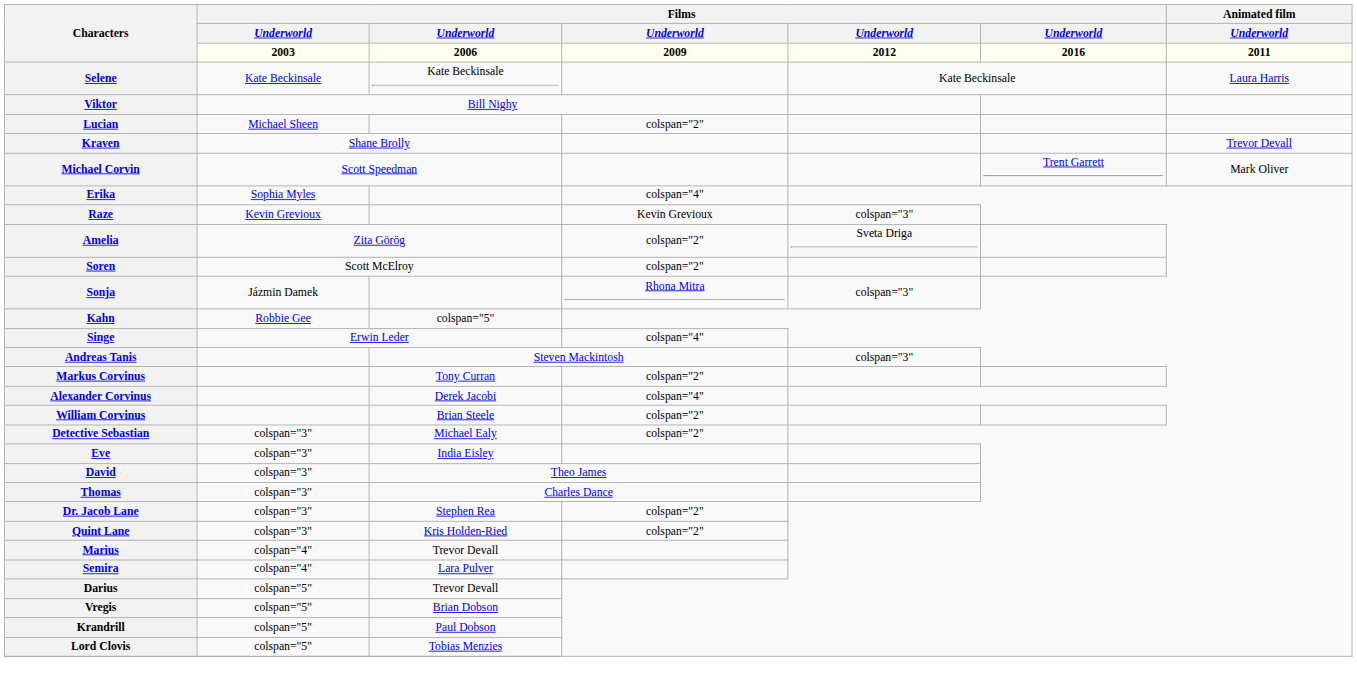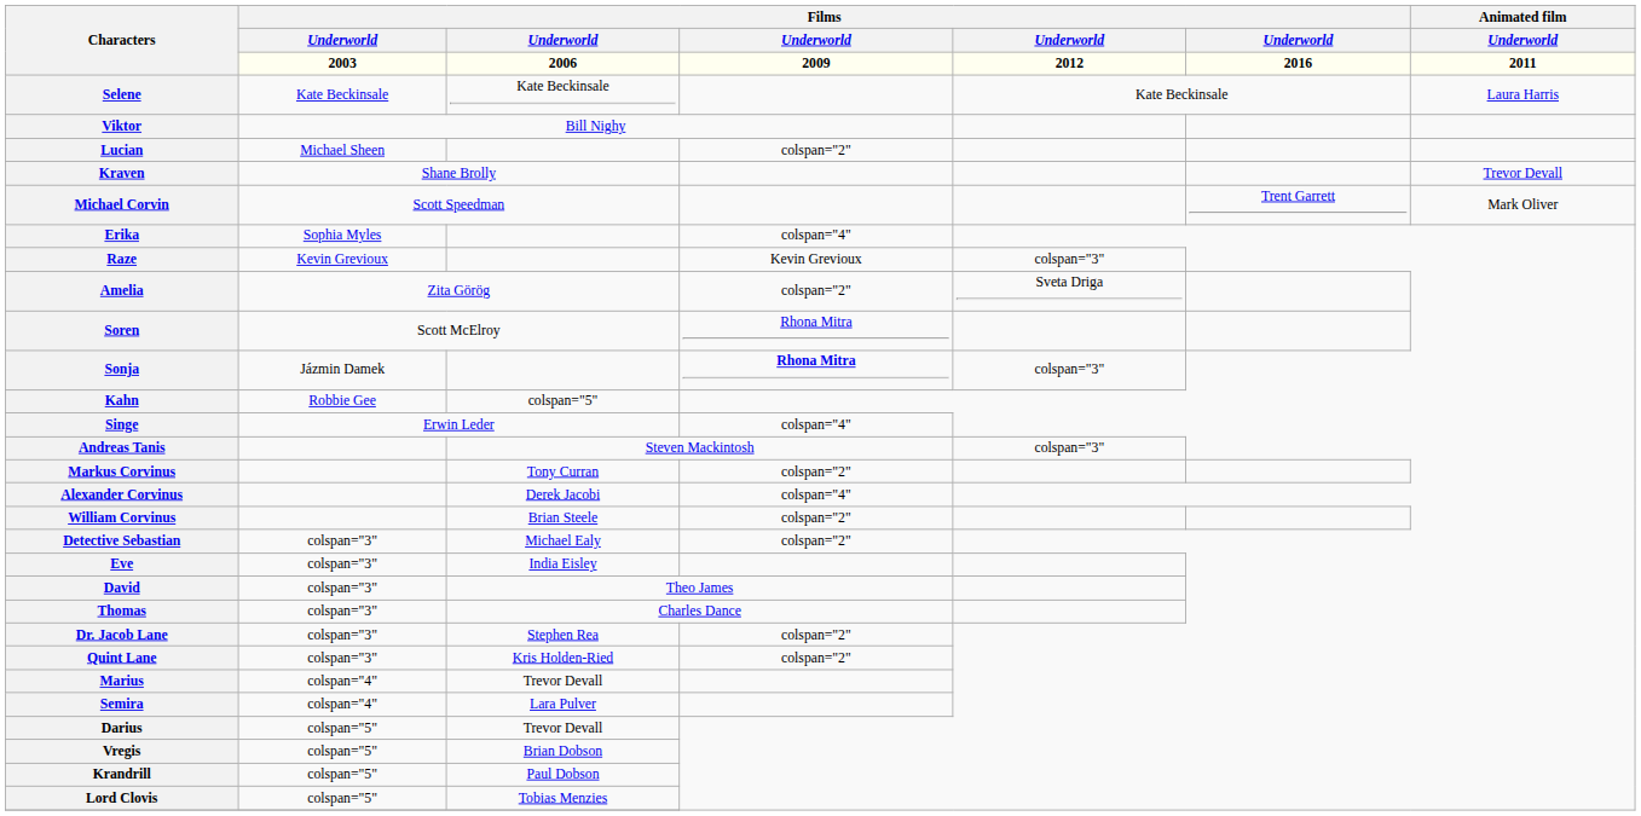 <table class="wikitable" style="text-align:center; width:99%; font-size:85%">
 <tr>
 <th rowspan="3" style="width:14.25%;">Characters</th>
 <th colspan="5">Films</th>
 <th>Animated film</th>
 </tr>
 <tr>
 <th style="text-align:center; width:12.75%;"><em><a href='#'>Underworld</a></em></th>
 <th style="text-align:center; width:14.25%;"><em><a href='#'>Underworld<br></a></em></th>
 <th style="text-align:center; width:16.75%;"><em><a href='#'>Underworld<br></a></em></th>
 <th style="text-align:center; width:14.25%;"><em><a href='#'>Underworld<br></a></em></th>
 <th style="text-align:center; width:13.75%;"><em><a href='#'>Underworld<br></a></em></th>
 <th style="text-align:center; width:13.75%;"><em><a href='#'>Underworld<br></a></em></th>
 </tr>
 <tr>
 <th style="background:ivory;"><span>2003</span></th>
 <th style="background:ivory;"><span>2006</span></th>
 <th style="background:ivory;"><span>2009</span></th>
 <th style="background:ivory;"><span>2012</span></th>
 <th style="background:ivory;"><span>2016</span></th>
 <th style="background:ivory;"><span>2011</span></th>
 </tr>
 <tr>
 <th style="text-align:center;"><a href='#'>Selene</a></th>
 <td><a href='#'>Kate Beckinsale</a></td>
 <td>Kate Beckinsale<hr></td>
 <td></td>
 <td colspan="2">Kate Beckinsale</td>
 <td><a href='#'>Laura Harris</a></td>
 </tr>
 <tr>
 <th style="text-align:center;"><a href='#'>Viktor</a></th>
 <td colspan="3"><a href='#'>Bill Nighy</a></td>
 <td></td>
 <td></td>
 <td></td>
 </tr>
 <tr>
 <th style="text-align:center;"><a href='#'>Lucian</a></th>
 <td><a href='#'>Michael Sheen</a></td>
 <td></td>
 <td>colspan="2" </td>
 <td></td>
 <td></td>
 <td></td>
 </tr>
 <tr>
 <th style="text-align:center;"><a href='#'>Kraven</a></th>
 <td colspan="2"><a href='#'>Shane Brolly</a></td>
 <td></td>
 <td></td>
 <td></td>
 <td><a href='#'>Trevor Devall</a></td>
 </tr>
 <tr>
 <th style="text-align:center;"><a href='#'>Michael Corvin</a></th>
 <td colspan="2"><a href='#'>Scott Speedman</a></td>
 <td></td>
 <td></td>
 <td><a href='#'>Trent Garrett</a><hr></td>
 <td>Mark Oliver</td>
 </tr>
 <tr>
 <th style="text-align:center;"><a href='#'>Erika</a></th>
 <td><a href='#'>Sophia Myles</a></td>
 <td></td>
 <td>colspan="4" </td>
 </tr>
 <tr>
 <th style="text-align:center;"><a href='#'>Raze</a></th>
 <td><a href='#'>Kevin Grevioux</a></td>
 <td></td>
 <td>Kevin Grevioux</td>
 <td>colspan="3" </td>
 </tr>
 <tr>
 <th style="text-align:center;"><a href='#'>Amelia</a></th>
 <td colspan="2"><a href='#'>Zita Görög</a></td>
 <td>colspan="2" </td>
 <td>Sveta Driga<hr></td>
 <td></td>
 </tr>
 <tr>
 <th style="text-align:center;"><a href='#'>Soren</a></th>
 <td colspan="2">Scott McElroy</td>
-<td>colspan="2" </td>
+<td><a href='#'>Rhona Mitra</a><hr></td>
 <td></td>
 <td></td>
 </tr>
 <tr>
 <th style="text-align:center;"><a href='#'>Sonja</a></th>
 <td>Jázmin Damek</td>
 <td></td>
-<td><a href='#'>Rhona Mitra</a><hr></td>
+<td><strong><a href='#'>Rhona Mitra</a><hr></strong></td>
 <td>colspan="3" </td>
 </tr>
 <tr>
 <th style="text-align:center;"><a href='#'>Kahn</a></th>
 <td><a href='#'>Robbie Gee</a></td>
 <td>colspan="5" </td>
 </tr>
 <tr>
 <th style="text-align:center;"><a href='#'>Singe</a></th>
 <td colspan="2"><a href='#'>Erwin Leder</a></td>
 <td>colspan="4" </td>
 </tr>
 <tr>
 <th style="text-align:center;"><a href='#'>Andreas Tanis</a></th>
 <td></td>
 <td colspan="2"><a href='#'>Steven Mackintosh</a></td>
 <td>colspan="3" </td>
 </tr>
 <tr>
 <th style="text-align:center;"><a href='#'>Markus Corvinus</a></th>
 <td></td>
 <td><a href='#'>Tony Curran</a></td>
 <td>colspan="2" </td>
 <td></td>
 <td></td>
 </tr>
 <tr>
 <th style="text-align:center;"><a href='#'>Alexander Corvinus</a></th>
 <td></td>
 <td><a href='#'>Derek Jacobi</a></td>
 <td>colspan="4" </td>
 </tr>
 <tr>
 <th style="text-align:center;"><a href='#'>William Corvinus</a></th>
 <td></td>
 <td><a href='#'>Brian Steele</a></td>
 <td>colspan="2" </td>
 <td></td>
 <td></td>
 </tr>
 <tr>
 <th style="text-align:center;"><a href='#'>Detective Sebastian</a></th>
 <td>colspan="3" </td>
 <td><a href='#'>Michael Ealy</a></td>
 <td>colspan="2" </td>
 </tr>
 <tr>
 <th style="text-align:center;"><a href='#'>Eve</a></th>
 <td>colspan="3" </td>
 <td><a href='#'>India Eisley</a></td>
 <td></td>
 <td></td>
 </tr>
 <tr>
 <th style="text-align:center;"><a href='#'>David</a></th>
 <td>colspan="3" </td>
 <td colspan="2"><a href='#'>Theo James</a></td>
 <td></td>
 </tr>
 <tr>
 <th style="text-align:center;"><a href='#'>Thomas</a></th>
 <td>colspan="3" </td>
 <td colspan="2"><a href='#'>Charles Dance</a></td>
 <td></td>
 </tr>
 <tr>
 <th style="text-align:center;"><a href='#'>Dr. Jacob Lane</a></th>
 <td>colspan="3" </td>
 <td><a href='#'>Stephen Rea</a></td>
 <td>colspan="2" </td>
 </tr>
 <tr>
 <th style="text-align:center;"><a href='#'>Quint Lane</a></th>
 <td>colspan="3" </td>
 <td><a href='#'>Kris Holden-Ried</a></td>
 <td>colspan="2" </td>
 </tr>
 <tr>
 <th style="text-align:center;"><a href='#'>Marius</a></th>
 <td>colspan="4" </td>
 <td>Trevor Devall</td>
 <td></td>
 </tr>
 <tr>
 <th style="text-align:center;"><a href='#'>Semira</a></th>
 <td>colspan="4" </td>
 <td><a href='#'>Lara Pulver</a></td>
 <td></td>
 </tr>
 <tr>
 <th style="text-align:center;">Darius</th>
 <td>colspan="5" </td>
 <td>Trevor Devall</td>
 </tr>
 <tr>
 <th style="text-align:center;">Vregis</th>
 <td>colspan="5" </td>
 <td><a href='#'>Brian Dobson</a></td>
 </tr>
 <tr>
 <th style="text-align:center;">Krandrill</th>
 <td>colspan="5" </td>
 <td><a href='#'>Paul Dobson</a></td>
 </tr>
 <tr>
 <th style="text-align:center;">Lord Clovis</th>
 <td>colspan="5" </td>
 <td><a href='#'>Tobias Menzies</a></td>
 </tr>
 <tr>
 </tr>
 </table>
